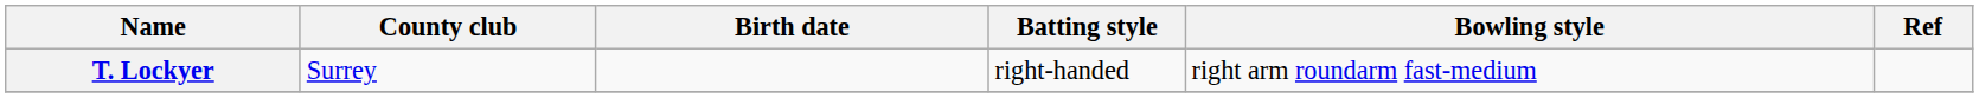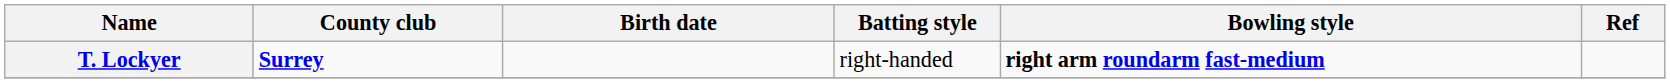 <table class="wikitable plainrowheaders" style="font-size:95%; width:90%;">
 <tr>
 <th scope="col" width="15%">Name</th>
 <th scope="col" width="15%">County club</th>
 <th scope="col" width="20%">Birth date</th>
 <th scope="col" width="10%">Batting style</th>
 <th scope="col" width="35%">Bowling style</th>
 <th scope="col" width="5%">Ref</th>
 </tr>
 <tr>
 <th scope="row"><a href='#'>T. Lockyer</a></th>
-<td><a href='#'>Surrey</a></td>
+<td><strong><a href='#'>Surrey</a></strong></td>
 <td></td>
 <td>right-handed</td>
-<td>right arm <a href='#'>roundarm</a> <a href='#'>fast-medium</a></td>
+<td><strong>right arm <a href='#'>roundarm</a> <a href='#'>fast-medium</a></strong></td>
 <td></td>
 </tr>
 <tr>
 </tr>
 </table>
